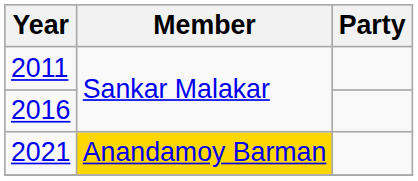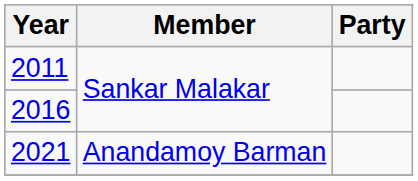 <table class="wikitable sortable">
 <tr>
 <th>Year</th>
 <th>Member</th>
 <th colspan="2">Party</th>
 </tr>
 <tr>
 <td><a href='#'>2011</a></td>
 <td rowspan="2"><a href='#'>Sankar Malakar</a></td>
 <td></td>
 </tr>
 <tr>
 <td><a href='#'>2016</a></td>
 </tr>
 <tr>
 <td><a href='#'>2021</a></td>
-<td style="background: gold;"><a href='#'>Anandamoy Barman</a></td>
+<td><a href='#'>Anandamoy Barman</a></td>
 <td></td>
 </tr>
 <tr>
 </tr>
 </table>
